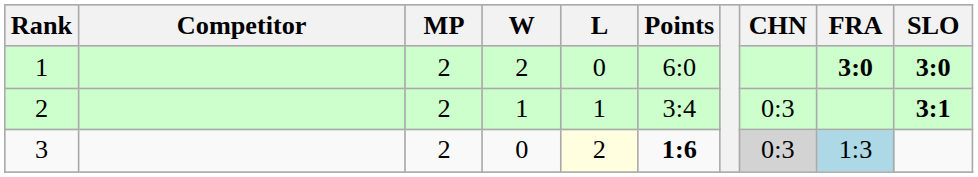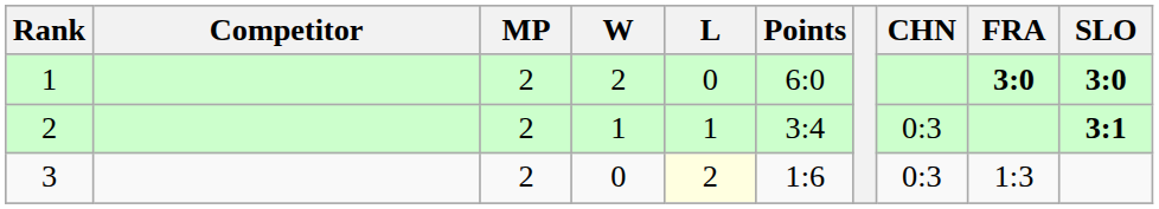 <table class="wikitable" style="text-align:center">
 <tr>
 <th>Rank</th>
 <th style="width:12em">Competitor</th>
 <th style="width:2.5em">MP</th>
 <th style="width:2.5em">W</th>
 <th style="width:2.5em">L</th>
 <th>Points</th>
 <th rowspan="4"> </th>
 <th style="width:2.5em">CHN</th>
 <th style="width:2.5em">FRA</th>
 <th style="width:2.5em">SLO</th>
 </tr>
 <tr style="background:#cfc;">
 <td>1</td>
 <td style="text-align:left"></td>
 <td>2</td>
 <td>2</td>
 <td>0</td>
 <td>6:0</td>
 <td></td>
 <td><strong>3:0</strong></td>
 <td><strong>3:0</strong></td>
 </tr>
 <tr style="background:#cfc;">
 <td>2</td>
 <td style="text-align:left"></td>
 <td>2</td>
 <td>1</td>
 <td>1</td>
 <td>3:4</td>
 <td>0:3</td>
 <td></td>
 <td><strong>3:1</strong></td>
 </tr>
 <tr>
 <td>3</td>
 <td style="text-align:left"></td>
 <td>2</td>
 <td>0</td>
 <td style="background: lightyellow;">2</td>
-<td><strong>1:6</strong></td>
-<td style="background: lightgrey;">0:3</td>
-<td style="background: lightblue;">1:3</td>
+<td>1:6</td>
+<td>0:3</td>
+<td>1:3</td>
 <td></td>
 </tr>
 </table>
